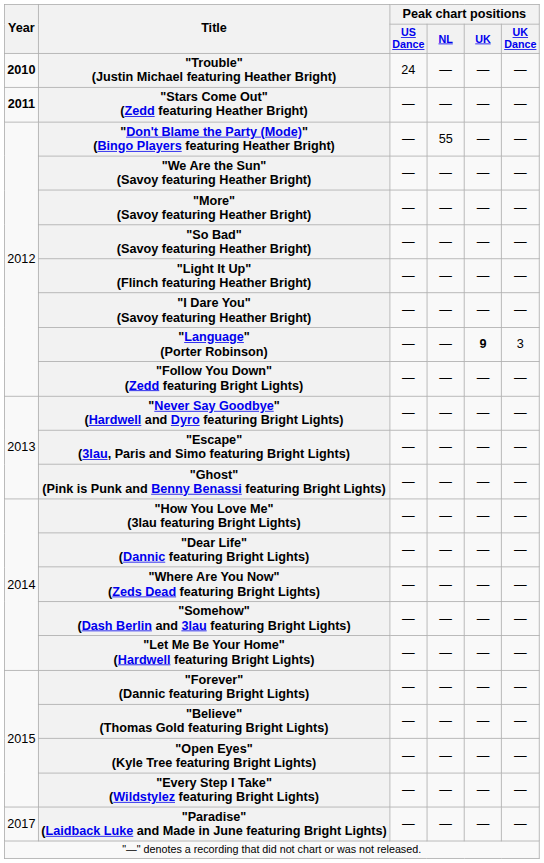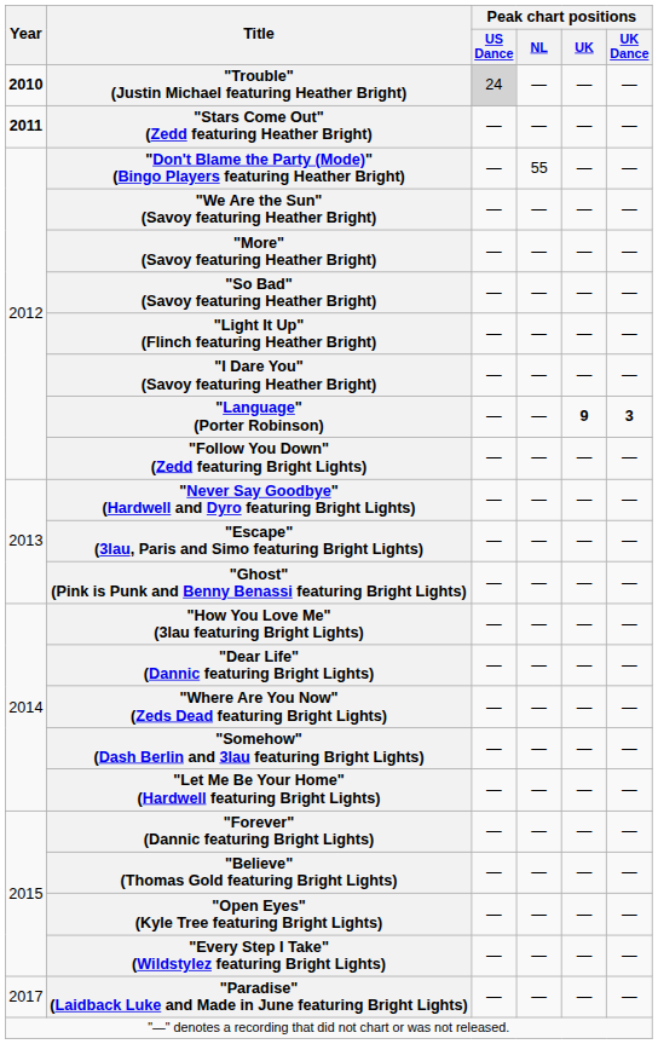 <table class="wikitable plainrowheaders" style="text-align:center;">
 <tr>
 <th scope="col" rowspan="2">Year</th>
 <th scope="col" rowspan="2">Title</th>
 <th scope="col" colspan="4">Peak chart positions</th>
 </tr>
 <tr>
 <th scope="col" style="width:3em;font-size:85%;"><a href='#'>US Dance</a><br></th>
 <th scope="col" style="width:3em;font-size:85%;"><a href='#'>NL</a><br></th>
 <th scope="col" style="width:3em;font-size:85%;"><a href='#'>UK</a><br></th>
 <th scope="col" style="width:3em;font-size:85%;"><a href='#'>UK Dance</a><br></th>
 </tr>
 <tr>
 <td><strong>2010</strong></td>
 <th scope="row">"Trouble"<br><span>(Justin Michael featuring Heather Bright)</span></th>
-<td>24</td>
+<td style="background: lightgrey;">24</td>
 <td>—</td>
 <td>—</td>
 <td>—</td>
 </tr>
 <tr>
 <td><strong>2011</strong></td>
 <th scope="row">"Stars Come Out"<br><span>(<a href='#'>Zedd</a> featuring Heather Bright)</span></th>
 <td>—</td>
 <td>—</td>
 <td>—</td>
 <td>—</td>
 </tr>
 <tr>
 <td rowspan="8">2012</td>
 <th scope="row">"<a href='#'>Don't Blame the Party (Mode)</a>"<br><span>(<a href='#'>Bingo Players</a> featuring Heather Bright)</span></th>
 <td>—</td>
 <td>55</td>
 <td>—</td>
 <td>—</td>
 </tr>
 <tr>
 <th scope="row">"We Are the Sun"<br><span>(Savoy featuring Heather Bright)</span></th>
 <td>—</td>
 <td>—</td>
 <td>—</td>
 <td>—</td>
 </tr>
 <tr>
 <th scope="row">"More"<br><span>(Savoy featuring Heather Bright)</span></th>
 <td>—</td>
 <td>—</td>
 <td>—</td>
 <td>—</td>
 </tr>
 <tr>
 <th scope="row">"So Bad"<br><span>(Savoy featuring Heather Bright)</span></th>
 <td>—</td>
 <td>—</td>
 <td>—</td>
 <td>—</td>
 </tr>
 <tr>
 <th scope="row">"Light It Up"<br><span>(Flinch featuring Heather Bright)</span></th>
 <td>—</td>
 <td>—</td>
 <td>—</td>
 <td>—</td>
 </tr>
 <tr>
 <th scope="row">"I Dare You"<br><span>(Savoy featuring Heather Bright)</span></th>
 <td>—</td>
 <td>—</td>
 <td>—</td>
 <td>—</td>
 </tr>
 <tr>
 <th scope="row">"<a href='#'>Language</a>"<br><span>(Porter Robinson)</span></th>
 <td>—</td>
 <td>—</td>
 <td><strong>9</strong></td>
-<td>3</td>
+<td><strong>3</strong></td>
 </tr>
 <tr>
 <th scope="row">"Follow You Down"<br><span>(<a href='#'>Zedd</a> featuring Bright Lights)</span></th>
 <td>—</td>
 <td>—</td>
 <td>—</td>
 <td>—</td>
 </tr>
 <tr>
 <td rowspan="3">2013</td>
 <th scope="row">"<a href='#'>Never Say Goodbye</a>"<br><span>(<a href='#'>Hardwell</a> and <a href='#'>Dyro</a> featuring Bright Lights)</span></th>
 <td>—</td>
 <td>—</td>
 <td>—</td>
 <td>—</td>
 </tr>
 <tr |>
 <th scope="row">"Escape"<br><span>(<a href='#'>3lau</a>, Paris and Simo featuring Bright Lights)</span></th>
 <td>—</td>
 <td>—</td>
 <td>—</td>
 <td>—</td>
 </tr>
 <tr |>
 <th scope="row">"Ghost"<br><span>(Pink is Punk and <a href='#'>Benny Benassi</a> featuring Bright Lights)</span></th>
 <td>—</td>
 <td>—</td>
 <td>—</td>
 <td>—</td>
 </tr>
 <tr |>
 <td rowspan="5">2014</td>
 <th scope="row">"How You Love Me"<br><span>(3lau featuring Bright Lights)</span></th>
 <td>—</td>
 <td>—</td>
 <td>—</td>
 <td>—</td>
 </tr>
 <tr |>
 <th scope="row">"Dear Life"<br><span>(<a href='#'>Dannic</a> featuring Bright Lights)</span></th>
 <td>—</td>
 <td>—</td>
 <td>—</td>
 <td>—</td>
 </tr>
 <tr |>
 <th scope="row">"Where Are You Now"<br><span>(<a href='#'>Zeds Dead</a> featuring Bright Lights)</span></th>
 <td>—</td>
 <td>—</td>
 <td>—</td>
 <td>—</td>
 </tr>
 <tr |>
 <th scope="row">"Somehow"<br><span>(<a href='#'>Dash Berlin</a> and <a href='#'>3lau</a> featuring Bright Lights)</span></th>
 <td>—</td>
 <td>—</td>
 <td>—</td>
 <td>—</td>
 </tr>
 <tr |>
 <th scope="row">"Let Me Be Your Home"<br><span>(<a href='#'>Hardwell</a> featuring Bright Lights)</span></th>
 <td>—</td>
 <td>—</td>
 <td>—</td>
 <td>—</td>
 </tr>
 <tr |>
 <td rowspan="4">2015</td>
 <th scope="row">"Forever"<br><span>(Dannic featuring Bright Lights)</span></th>
 <td>—</td>
 <td>—</td>
 <td>—</td>
 <td>—</td>
 </tr>
 <tr |>
 <th scope="row">"Believe"<br><span>(Thomas Gold featuring Bright Lights)</span></th>
 <td>—</td>
 <td>—</td>
 <td>—</td>
 <td>—</td>
 </tr>
 <tr |>
 <th scope="row">"Open Eyes"<br><span>(Kyle Tree featuring Bright Lights)</span></th>
 <td>—</td>
 <td>—</td>
 <td>—</td>
 <td>—</td>
 </tr>
 <tr |>
 <th scope="row">"Every Step I Take"<br><span>(<a href='#'>Wildstylez</a> featuring Bright Lights)</span></th>
 <td>—</td>
 <td>—</td>
 <td>—</td>
 <td>—</td>
 </tr>
 <tr |>
 <td rowspan="1">2017</td>
 <th scope="row">"Paradise"<br><span>(<a href='#'>Laidback Luke</a> and Made in June featuring Bright Lights)</span></th>
 <td>—</td>
 <td>—</td>
 <td>—</td>
 <td>—</td>
 </tr>
 <tr |>
 <td colspan="6" style="font-size:85%">"—" denotes a recording that did not chart or was not released.</td>
 </tr>
 </table>
